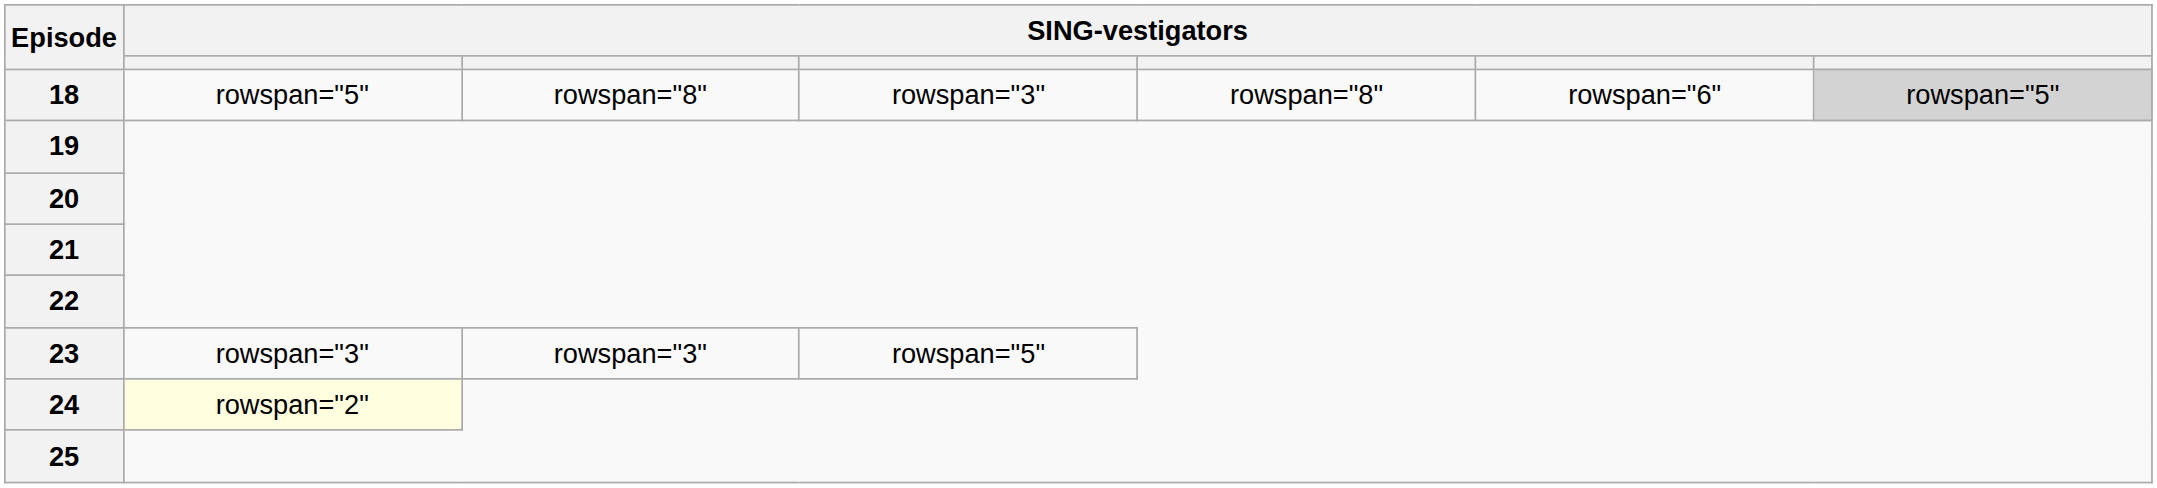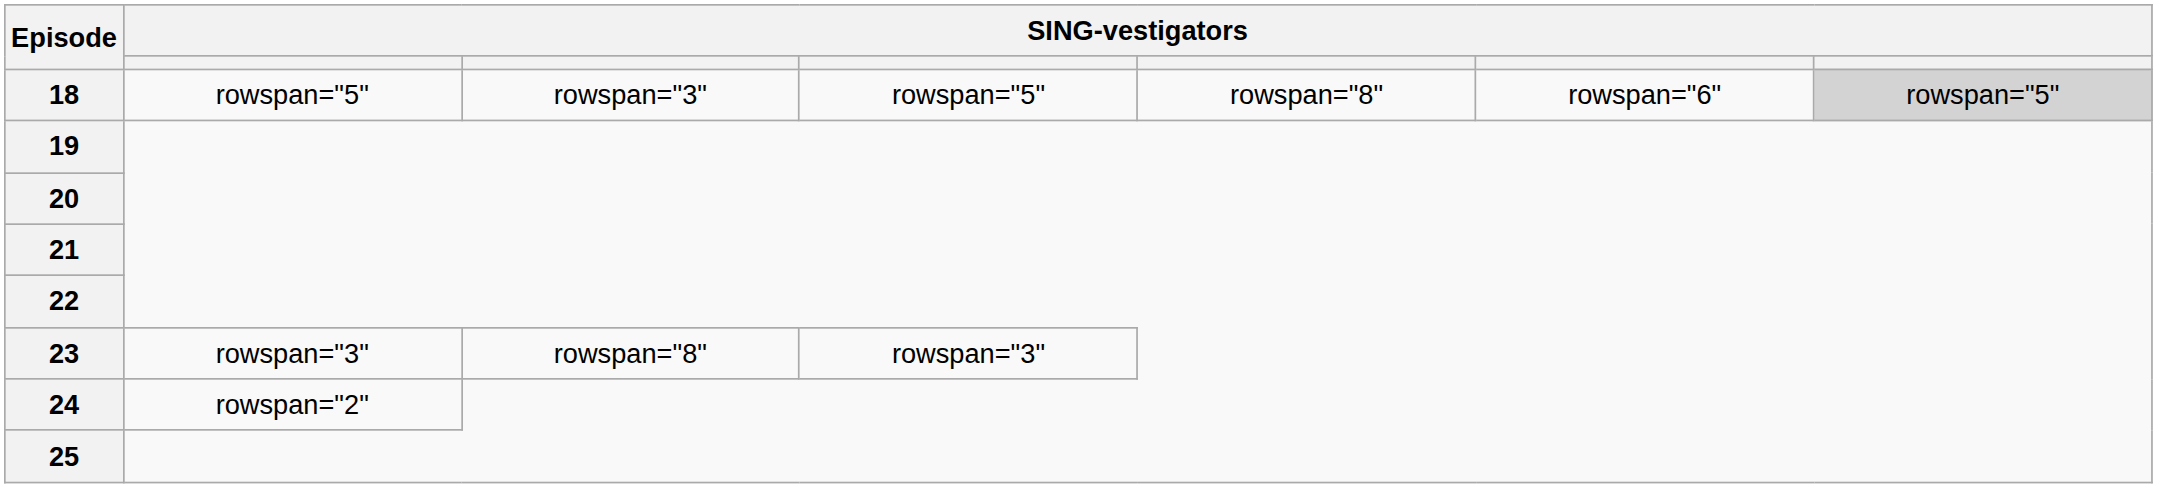 <table class="wikitable plainrowheaders mw-collapsible" style="text-align:center; line-height:23px; width:100%;">
 <tr>
 <th rowspan="2" width="1%">Episode</th>
 <th colspan="6">SING-vestigators</th>
 </tr>
 <tr>
 <th width="16%"></th>
 <th width="16%"></th>
 <th width="16%"></th>
 <th width="16%"></th>
 <th width="16%"></th>
 <th width="16%"></th>
 </tr>
 <tr>
 <th>18</th>
 <td>rowspan="5" </td>
-<td>rowspan="8" </td>
 <td>rowspan="3" </td>
+<td>rowspan="5" </td>
 <td>rowspan="8" </td>
 <td>rowspan="6" </td>
 <td style="background: lightgrey;">rowspan="5" </td>
 </tr>
 <tr>
 <th>19</th>
 </tr>
 <tr>
 <th>20</th>
 </tr>
 <tr>
 <th>21</th>
 </tr>
 <tr>
 <th>22</th>
 </tr>
 <tr>
 <th>23</th>
 <td>rowspan="3" </td>
+<td>rowspan="8" </td>
 <td>rowspan="3" </td>
-<td>rowspan="5" </td>
 </tr>
 <tr>
 <th>24</th>
-<td style="background: lightyellow;">rowspan="2" </td>
+<td>rowspan="2" </td>
 </tr>
 <tr>
 <th>25</th>
 </tr>
 </table>
